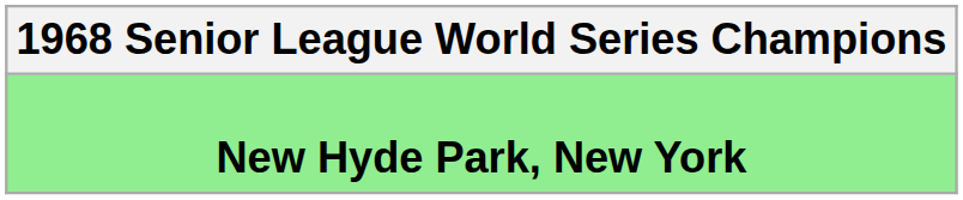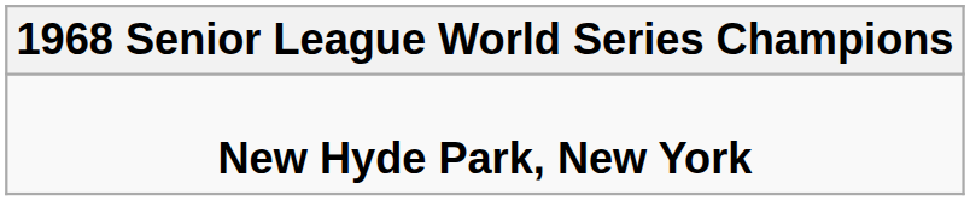 <table class="wikitable" style="text-align: center; margin: 0 auto;">
 <tr>
 <th>1968 Senior League World Series Champions</th>
 </tr>
 <tr>
-<td style="background: lightgreen;"><br><strong>New Hyde Park, New York</strong></td>
+<td><br><strong>New Hyde Park, New York</strong></td>
 </tr>
 </table>
